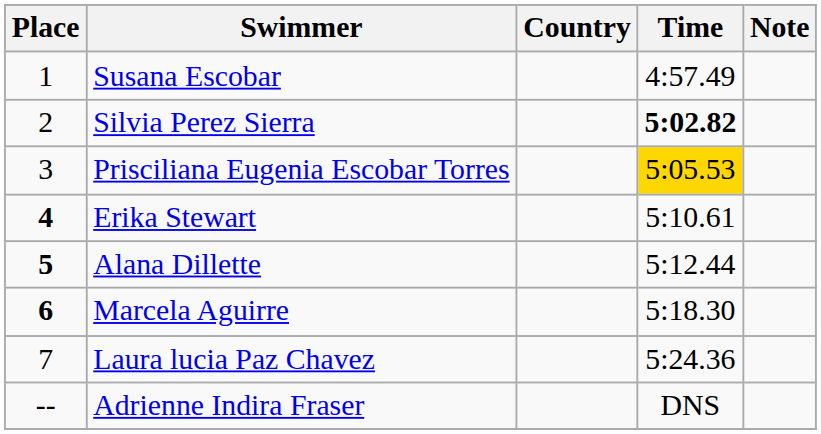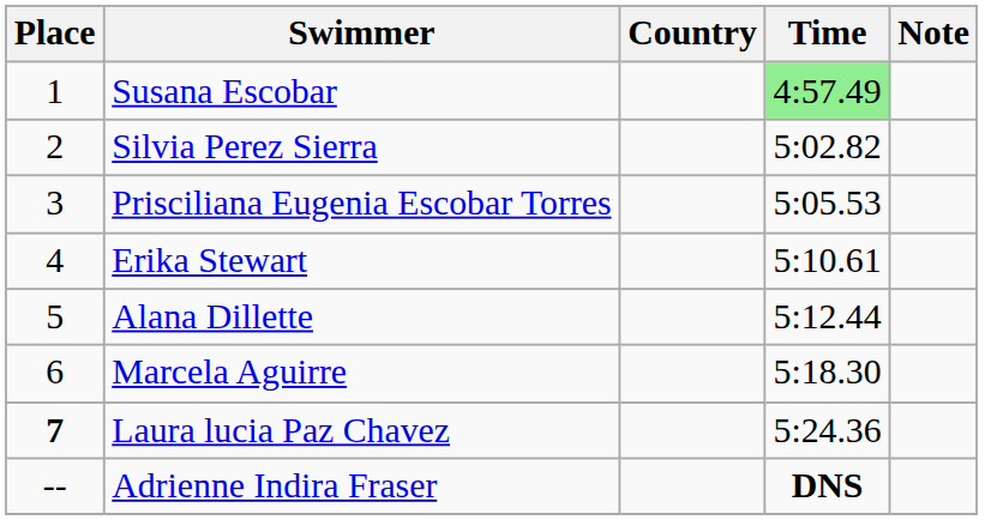 <table class="wikitable" style="text-align:center">
 <tr>
 <th>Place</th>
 <th>Swimmer</th>
 <th>Country</th>
 <th>Time</th>
 <th>Note</th>
 </tr>
 <tr>
 <td>1</td>
 <td align=left><a href='#'>Susana Escobar</a></td>
 <td align=left></td>
-<td>4:57.49</td>
+<td style="background: lightgreen;">4:57.49</td>
 <td></td>
 </tr>
 <tr>
 <td>2</td>
 <td align=left><a href='#'>Silvia Perez Sierra</a></td>
 <td align=left></td>
-<td><strong>5:02.82</strong></td>
+<td>5:02.82</td>
 <td></td>
 </tr>
 <tr>
 <td>3</td>
 <td align=left><a href='#'>Prisciliana Eugenia Escobar Torres</a></td>
 <td align=left></td>
-<td style="background: gold;">5:05.53</td>
+<td>5:05.53</td>
 <td></td>
 </tr>
 <tr>
-<td><strong>4</strong></td>
+<td>4</td>
 <td align=left><a href='#'>Erika Stewart</a></td>
 <td align=left></td>
 <td>5:10.61</td>
 <td></td>
 </tr>
 <tr>
-<td><strong>5</strong></td>
+<td>5</td>
 <td align=left><a href='#'>Alana Dillette</a></td>
 <td align=left></td>
 <td>5:12.44</td>
 <td></td>
 </tr>
 <tr>
-<td><strong>6</strong></td>
+<td>6</td>
 <td align=left><a href='#'>Marcela Aguirre</a></td>
 <td align=left></td>
 <td>5:18.30</td>
 <td></td>
 </tr>
 <tr>
-<td>7</td>
+<td><strong>7</strong></td>
 <td align=left><a href='#'>Laura lucia Paz Chavez</a></td>
 <td align=left></td>
 <td>5:24.36</td>
 <td></td>
 </tr>
 <tr>
 <td>--</td>
 <td align=left><a href='#'>Adrienne Indira Fraser</a></td>
 <td align=left></td>
-<td>DNS</td>
+<td><strong>DNS</strong></td>
 <td></td>
 </tr>
 <tr>
 </tr>
 </table>
